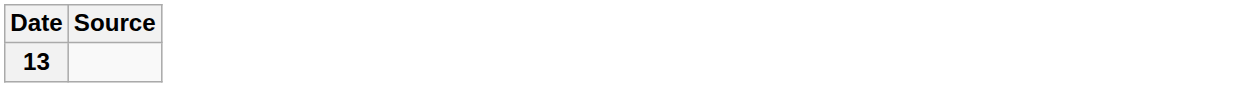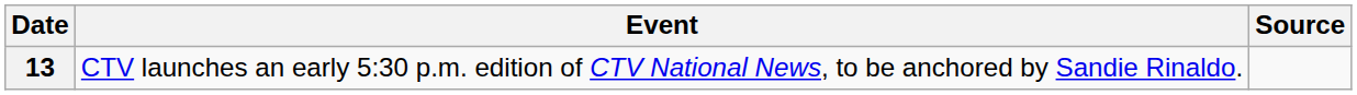 <table class="wikitable">
 <tr>
 <th>Date</th>
+<th>Event</th>
 <th>Source</th>
 </tr>
 <tr>
 <th>13</th>
+<td><a href='#'>CTV</a> launches an early 5:30 p.m. edition of <em><a href='#'>CTV National News</a></em>, to be anchored by <a href='#'>Sandie Rinaldo</a>.</td>
 <td></td>
 </tr>
 </table>
